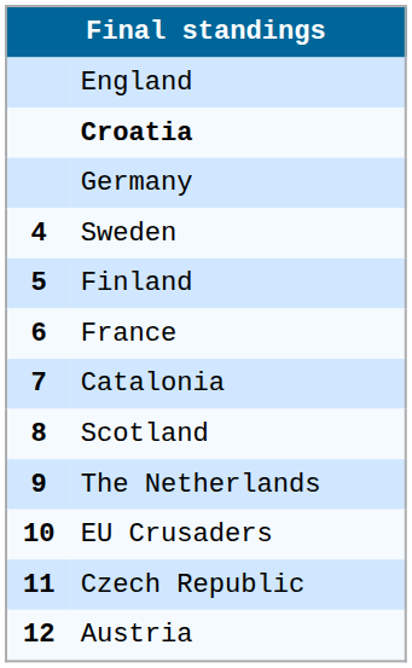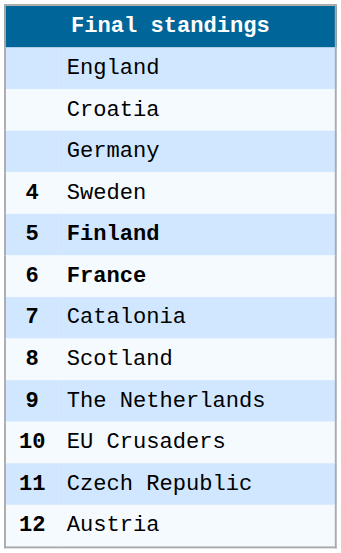 <table align=center cellpadding="4" cellspacing="0" style="background: #f9f9f9; border: 1px #aaa solid; border-collapse: collapse; font-size: 90%;" width=20%>
 <tr align=center bgcolor=#006699 style="color:white;">
 <th width=100% colspan=2>Final standings</th>
 </tr>
 <tr align=center bgcolor=#D0E7FF>
 <td><strong></strong></td>
 <td align=left> England</td>
 </tr>
 <tr align=center bgcolor=#F5FAFF>
 <td><strong></strong></td>
-<td align=left><strong> Croatia</strong></td>
+<td align=left> Croatia</td>
 </tr>
 <tr align=center bgcolor=#D0E7FF>
 <td><strong></strong></td>
 <td align=left> Germany</td>
 </tr>
 <tr align=center bgcolor=#F5FAFF>
 <td><strong>4</strong></td>
 <td align=left> Sweden</td>
 </tr>
 <tr align=center bgcolor=#D0E7FF>
 <td><strong>5</strong></td>
-<td align=left> Finland</td>
+<td align=left><strong> Finland</strong></td>
 </tr>
 <tr align=center bgcolor=#F5FAFF>
 <td><strong>6</strong></td>
-<td align=left> France</td>
+<td align=left><strong> France</strong></td>
 </tr>
 <tr align=center bgcolor=#D0E7FF>
 <td><strong>7</strong></td>
 <td align=left> Catalonia</td>
 </tr>
 <tr align=center bgcolor=#F5FAFF>
 <td><strong>8</strong></td>
 <td align=left> Scotland</td>
 </tr>
 <tr align=center bgcolor=#D0E7FF>
 <td><strong>9</strong></td>
 <td align=left> The Netherlands</td>
 </tr>
 <tr align=center bgcolor=#F5FAFF>
 <td><strong>10</strong></td>
 <td align=left> EU Crusaders</td>
 </tr>
 <tr align=center bgcolor=#D0E7FF>
 <td><strong>11</strong></td>
 <td align=left> Czech Republic</td>
 </tr>
 <tr align=center bgcolor=#F5FAFF>
 <td><strong>12</strong></td>
 <td align=left> Austria</td>
 </tr>
 </table>
